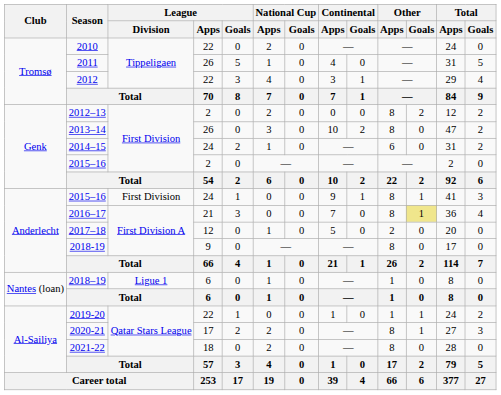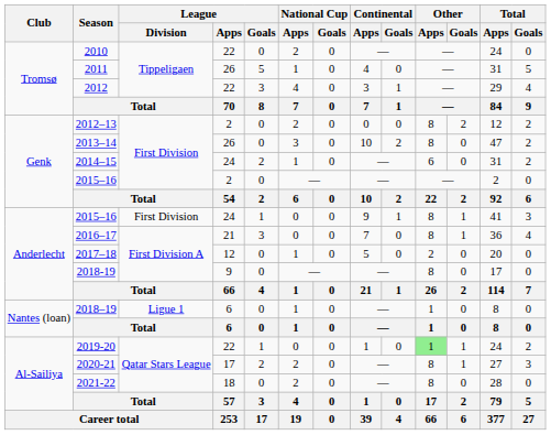 <table class="wikitable" style="text-align: center">
 <tr>
 <th rowspan="2">Club</th>
 <th rowspan="2">Season</th>
 <th colspan="3">League</th>
 <th colspan="2">National Cup</th>
 <th colspan="2">Continental</th>
 <th colspan="2">Other</th>
 <th colspan="2">Total</th>
 </tr>
 <tr>
 <th>Division</th>
 <th>Apps</th>
 <th>Goals</th>
 <th>Apps</th>
 <th>Goals</th>
 <th>Apps</th>
 <th>Goals</th>
 <th>Apps</th>
 <th>Goals</th>
 <th>Apps</th>
 <th>Goals</th>
 </tr>
 <tr>
 <td rowspan="4"><a href='#'>Tromsø</a></td>
 <td><a href='#'>2010</a></td>
 <td rowspan="3"><a href='#'>Tippeligaen</a></td>
 <td>22</td>
 <td>0</td>
 <td>2</td>
 <td>0</td>
 <td colspan="2">—</td>
 <td colspan="2">—</td>
 <td>24</td>
 <td>0</td>
 </tr>
 <tr>
 <td><a href='#'>2011</a></td>
 <td>26</td>
 <td>5</td>
 <td>1</td>
 <td>0</td>
 <td>4</td>
 <td>0</td>
 <td colspan="2">—</td>
 <td>31</td>
 <td>5</td>
 </tr>
 <tr>
 <td><a href='#'>2012</a></td>
 <td>22</td>
 <td>3</td>
 <td>4</td>
 <td>0</td>
 <td>3</td>
 <td>1</td>
 <td colspan="2">—</td>
 <td>29</td>
 <td>4</td>
 </tr>
 <tr>
 <th colspan="2">Total</th>
 <th>70</th>
 <th>8</th>
 <th>7</th>
 <th>0</th>
 <th>7</th>
 <th>1</th>
 <th colspan="2">—</th>
 <th>84</th>
 <th>9</th>
 </tr>
 <tr>
 <td rowspan="5"><a href='#'>Genk</a></td>
 <td><a href='#'>2012–13</a></td>
 <td rowspan="4"><a href='#'>First Division</a></td>
 <td>2</td>
 <td>0</td>
 <td>2</td>
 <td>0</td>
 <td>0</td>
 <td>0</td>
 <td>8</td>
 <td>2</td>
 <td>12</td>
 <td>2</td>
 </tr>
 <tr>
 <td><a href='#'>2013–14</a></td>
 <td>26</td>
 <td>0</td>
 <td>3</td>
 <td>0</td>
 <td>10</td>
 <td>2</td>
 <td>8</td>
 <td>0</td>
 <td>47</td>
 <td>2</td>
 </tr>
 <tr>
 <td><a href='#'>2014–15</a></td>
 <td>24</td>
 <td>2</td>
 <td>1</td>
 <td>0</td>
 <td colspan="2">—</td>
 <td>6</td>
 <td>0</td>
 <td>31</td>
 <td>2</td>
 </tr>
 <tr>
 <td><a href='#'>2015–16</a></td>
 <td>2</td>
 <td>0</td>
 <td colspan="2">—</td>
 <td colspan="2">—</td>
 <td colspan="2">—</td>
 <td>2</td>
 <td>0</td>
 </tr>
 <tr>
 <th colspan="2">Total</th>
 <th>54</th>
 <th>2</th>
 <th>6</th>
 <th>0</th>
 <th>10</th>
 <th>2</th>
 <th>22</th>
 <th>2</th>
 <th>92</th>
 <th>6</th>
 </tr>
 <tr>
 <td rowspan="5"><a href='#'>Anderlecht</a></td>
 <td><a href='#'>2015–16</a></td>
 <td>First Division</td>
 <td>24</td>
 <td>1</td>
 <td>0</td>
 <td>0</td>
 <td>9</td>
 <td>1</td>
 <td>8</td>
 <td>1</td>
 <td>41</td>
 <td>3</td>
 </tr>
 <tr>
 <td><a href='#'>2016–17</a></td>
 <td rowspan="3"><a href='#'>First Division A</a></td>
 <td>21</td>
 <td>3</td>
 <td>0</td>
 <td>0</td>
 <td>7</td>
 <td>0</td>
 <td>8</td>
-<td style="background: khaki;">1</td>
+<td>1</td>
 <td>36</td>
 <td>4</td>
 </tr>
 <tr>
 <td><a href='#'>2017–18</a></td>
 <td>12</td>
 <td>0</td>
 <td>1</td>
 <td>0</td>
 <td>5</td>
 <td>0</td>
 <td>2</td>
 <td>0</td>
 <td>20</td>
 <td>0</td>
 </tr>
 <tr>
 <td><a href='#'>2018-19</a></td>
 <td>9</td>
 <td>0</td>
 <td colspan="2">—</td>
 <td colspan="2">—</td>
 <td>8</td>
 <td>0</td>
 <td>17</td>
 <td>0</td>
 </tr>
 <tr>
 <th colspan="2">Total</th>
 <th>66</th>
 <th>4</th>
 <th>1</th>
 <th>0</th>
 <th>21</th>
 <th>1</th>
 <th>26</th>
 <th>2</th>
 <th>114</th>
 <th>7</th>
 </tr>
 <tr>
 <td rowspan="2"><a href='#'>Nantes</a> (loan)</td>
 <td><a href='#'>2018–19</a></td>
 <td><a href='#'>Ligue 1</a></td>
 <td>6</td>
 <td>0</td>
 <td>1</td>
 <td>0</td>
 <td colspan="2">—</td>
 <td>1</td>
 <td>0</td>
 <td>8</td>
 <td>0</td>
 </tr>
 <tr>
 <th colspan="2">Total</th>
 <th>6</th>
 <th>0</th>
 <th>1</th>
 <th>0</th>
 <th colspan="2">—</th>
 <th>1</th>
 <th>0</th>
 <th>8</th>
 <th>0</th>
 </tr>
 <tr>
 <td rowspan="4"><a href='#'>Al-Sailiya</a></td>
 <td><a href='#'>2019-20</a></td>
 <td rowspan="3"><a href='#'>Qatar Stars League</a></td>
 <td>22</td>
 <td>1</td>
 <td>0</td>
 <td>0</td>
 <td>1</td>
 <td>0</td>
-<td>1</td>
+<td style="background: lightgreen;">1</td>
 <td>1</td>
 <td>24</td>
 <td>2</td>
 </tr>
 <tr>
 <td><a href='#'>2020-21</a></td>
 <td>17</td>
 <td>2</td>
 <td>2</td>
 <td>0</td>
 <td colspan="2">—</td>
 <td>8</td>
 <td>1</td>
 <td>27</td>
 <td>3</td>
 </tr>
 <tr>
 <td><a href='#'>2021-22</a></td>
 <td>18</td>
 <td>0</td>
 <td>2</td>
 <td>0</td>
 <td colspan="2">—</td>
 <td>8</td>
 <td>0</td>
 <td>28</td>
 <td>0</td>
 </tr>
 <tr>
 <th colspan="2">Total</th>
 <th>57</th>
 <th>3</th>
 <th>4</th>
 <th>0</th>
 <th>1</th>
 <th>0</th>
 <th>17</th>
 <th>2</th>
 <th>79</th>
 <th>5</th>
 </tr>
 <tr>
 <th colspan="3">Career total</th>
 <th>253</th>
 <th>17</th>
 <th>19</th>
 <th>0</th>
 <th>39</th>
 <th>4</th>
 <th>66</th>
 <th>6</th>
 <th>377</th>
 <th>27</th>
 </tr>
 </table>
